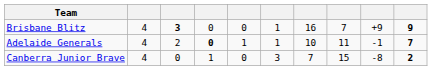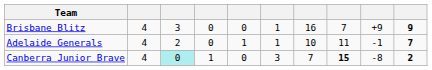 <table class="wikitable" style="text-align:center;">
 <tr>
 <th width=165>Team</th>
 <th width=40></th>
 <th width=40></th>
 <th width=40></th>
 <th width=40></th>
 <th width=40></th>
 <th width=40></th>
 <th width=40></th>
 <th width=40></th>
 <th width=40></th>
 </tr>
 <tr>
 <td style="text-align:left;"><a href='#'>Brisbane Blitz</a></td>
 <td>4</td>
-<td><strong>3</strong></td>
+<td>3</td>
 <td>0</td>
 <td>0</td>
 <td>1</td>
 <td>16</td>
 <td>7</td>
 <td>+9</td>
 <td><strong>9</strong></td>
 </tr>
 <tr>
 <td style="text-align:left;"><a href='#'>Adelaide Generals</a></td>
 <td>4</td>
 <td>2</td>
-<td><strong>0</strong></td>
+<td>0</td>
 <td>1</td>
 <td>1</td>
 <td>10</td>
 <td>11</td>
 <td>-1</td>
 <td><strong>7</strong></td>
 </tr>
 <tr>
 <td style="text-align:left;"><a href='#'>Canberra Junior Brave</a></td>
 <td>4</td>
-<td>0</td>
+<td style="background: paleturquoise;">0</td>
 <td>1</td>
 <td>0</td>
 <td>3</td>
 <td>7</td>
-<td>15</td>
+<td><strong>15</strong></td>
 <td>-8</td>
 <td><strong>2</strong></td>
 </tr>
 </table>
